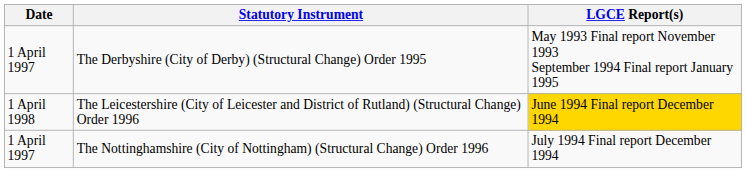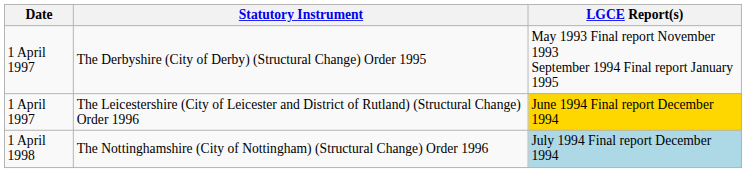 <table class="wikitable sortable">
 <tr>
 <th>Date</th>
 <th><a href='#'>Statutory Instrument</a></th>
 <th><a href='#'>LGCE</a> Report(s)</th>
 </tr>
 <tr>
 <td>1 April 1997</td>
 <td>The Derbyshire (City of Derby) (Structural Change) Order 1995</td>
 <td> May 1993 Final report November 1993<br> September 1994 Final report January 1995</td>
 </tr>
 <tr>
-<td>1 April 1998</td>
+<td>1 April 1997</td>
 <td>The Leicestershire (City of Leicester and District of Rutland) (Structural Change) Order 1996</td>
 <td style="background: gold;"> June 1994 Final report December 1994</td>
 </tr>
 <tr>
-<td>1 April 1997</td>
+<td>1 April 1998</td>
 <td>The Nottinghamshire (City of Nottingham) (Structural Change) Order 1996</td>
-<td> July 1994 Final report December 1994</td>
+<td style="background: lightblue;"> July 1994 Final report December 1994</td>
 </tr>
 </table>
